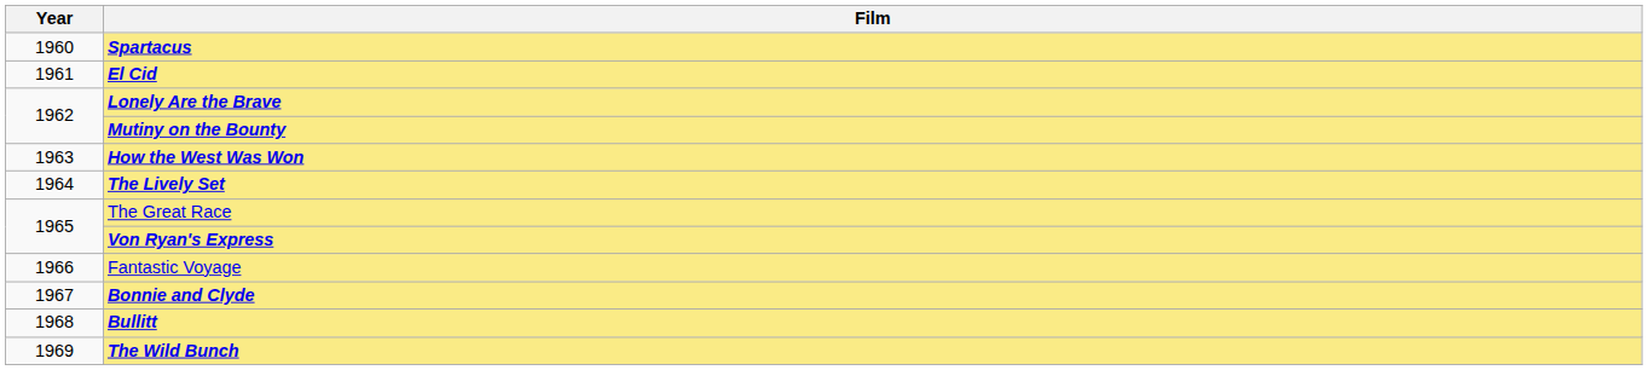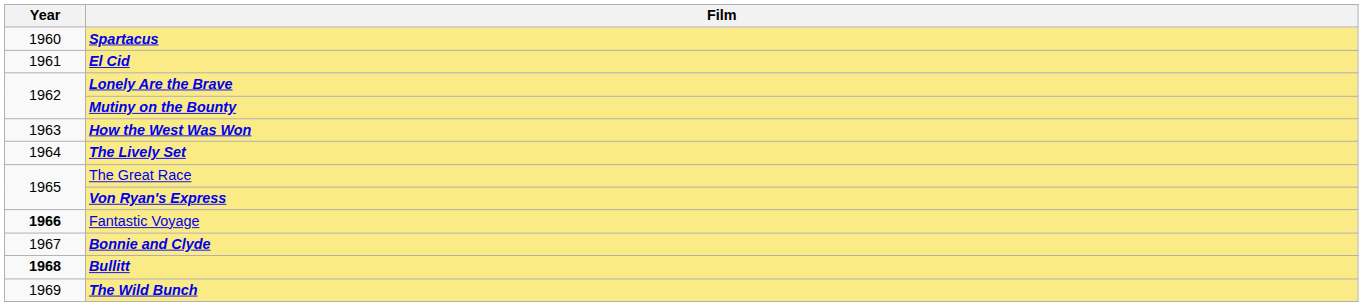 <table class="wikitable" width="95%" cellpadding="5">
 <tr>
 <th width="6%">Year</th>
 <th width="100%">Film</th>
 </tr>
 <tr>
 <td rowspan=1 style="text-align:center">1960</td>
 <td style="background:#FAEB86;"><strong><em><a href='#'>Spartacus</a></em></strong></td>
 </tr>
 <tr>
 <td rowspan=1 style="text-align:center">1961</td>
 <td style="background:#FAEB86;"><strong><em><a href='#'>El Cid</a></em></strong></td>
 </tr>
 <tr>
 <td rowspan=2 style="text-align:center">1962</td>
 <td style="background:#FAEB86;"><strong><em><a href='#'>Lonely Are the Brave</a></em></strong></td>
 </tr>
 <tr>
 <td style="background:#FAEB86;"><strong><em><a href='#'>Mutiny on the Bounty</a></em></strong></td>
 </tr>
 <tr>
 <td rowspan=1 style="text-align:center">1963</td>
 <td style="background:#FAEB86;"><strong><em><a href='#'>How the West Was Won</a></em></strong></td>
 </tr>
 <tr>
 <td rowspan=1 style="text-align:center">1964</td>
 <td style="background:#FAEB86;"><strong><em><a href='#'>The Lively Set</a><em> <strong></td>
 </tr>
 <tr>
 <td rowspan=2 style="text-align:center">1965</td>
 <td style="background:#FAEB86;"></em></strong><a href='#'>The Great Race</a></em> </strong></td>
 </tr>
 <tr>
 <td style="background:#FAEB86;"><strong><em><a href='#'>Von Ryan's Express</a><em> <strong></td>
 </tr>
 <tr>
-<td rowspan=1 style="text-align:center">1966</td>
+<td rowspan=1 style="text-align:center"><strong>1966</strong></td>
 <td style="background:#FAEB86;"></em></strong><a href='#'>Fantastic Voyage</a></em> </strong></td>
 </tr>
 <tr>
 <td rowspan=1 style="text-align:center">1967</td>
 <td style="background:#FAEB86;"><strong><em><a href='#'>Bonnie and Clyde</a></em></strong></td>
 </tr>
 <tr>
-<td rowspan=1 style="text-align:center">1968</td>
+<td rowspan=1 style="text-align:center"><strong>1968</strong></td>
 <td style="background:#FAEB86;"><strong><em><a href='#'>Bullitt</a></em></strong></td>
 </tr>
 <tr>
 <td rowspan=1 style="text-align:center">1969</td>
 <td style="background:#FAEB86;"><strong><em><a href='#'>The Wild Bunch</a></em></strong></td>
 </tr>
 </table>
